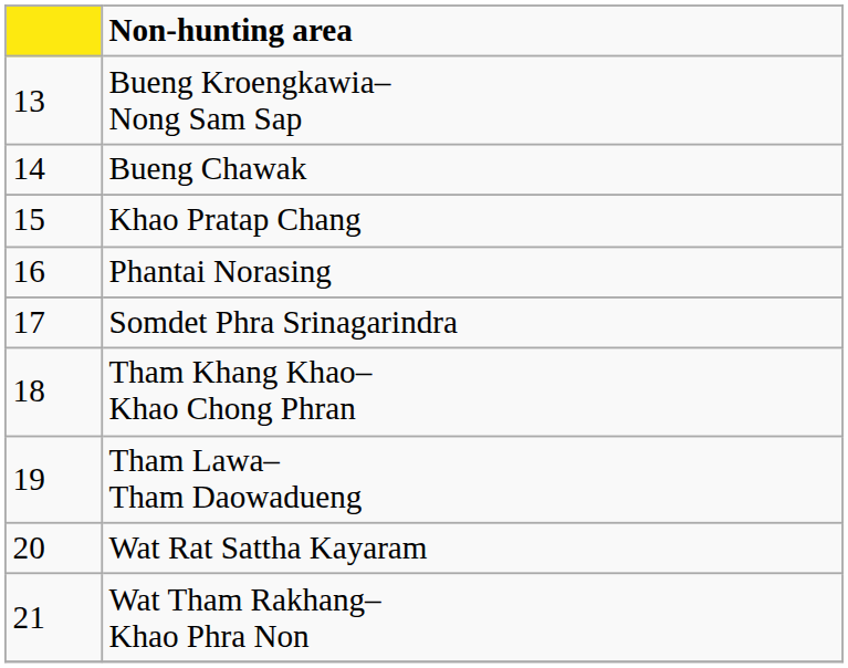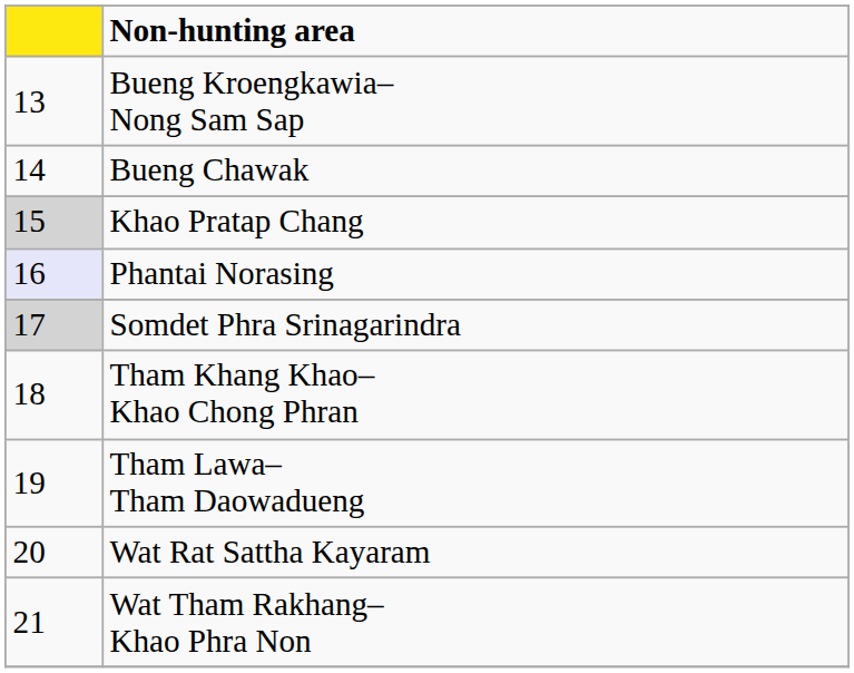 <table class= "wikitable" style= "width:33%; display:inline-table;">
 <tr>
 <td style="width:3%; background:#FDE910;"> </td>
 <td style="width:30%;"><strong>Non-hunting area</strong></td>
 </tr>
 <tr>
 <td>13</td>
 <td>Bueng Kroengkawia–<br>Nong Sam Sap</td>
 </tr>
 <tr>
 <td>14</td>
 <td>Bueng Chawak</td>
 </tr>
 <tr>
-<td>15</td>
+<td style="background: lightgrey;">15</td>
 <td>Khao Pratap Chang</td>
 </tr>
 <tr>
-<td>16</td>
+<td style="background: lavender;">16</td>
 <td>Phantai Norasing</td>
 </tr>
 <tr>
-<td>17</td>
+<td style="background: lightgrey;">17</td>
 <td>Somdet Phra Srinagarindra</td>
 </tr>
 <tr>
 <td>18</td>
 <td>Tham Khang Khao–<br>Khao Chong Phran</td>
 </tr>
 <tr>
 <td>19</td>
 <td>Tham Lawa–<br>Tham Daowadueng</td>
 </tr>
 <tr>
 <td>20</td>
 <td>Wat Rat Sattha Kayaram</td>
 </tr>
 <tr>
 <td>21</td>
 <td>Wat Tham Rakhang–<br>Khao Phra Non</td>
 </tr>
 <tr>
 </tr>
 </table>
